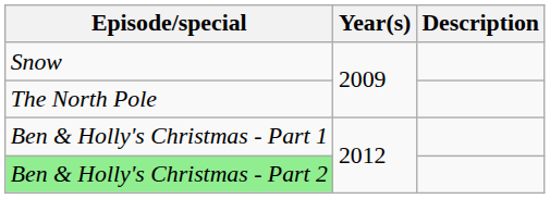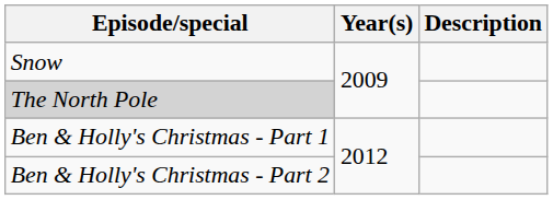 <table class="wikitable sortable">
 <tr>
 <th>Episode/special</th>
 <th>Year(s)</th>
 <th>Description</th>
 </tr>
 <tr>
 <td><em>Snow</em></td>
 <td rowspan="2">2009</td>
 <td></td>
 </tr>
 <tr>
-<td><em>The North Pole</em></td>
+<td style="background: lightgrey;"><em>The North Pole</em></td>
 <td></td>
 </tr>
 <tr>
 <td><em>Ben & Holly's Christmas - Part 1</em></td>
 <td rowspan="2">2012</td>
 <td></td>
 </tr>
 <tr>
-<td style="background: lightgreen;"><em>Ben & Holly's Christmas - Part 2</em></td>
+<td><em>Ben & Holly's Christmas - Part 2</em></td>
 <td></td>
 </tr>
 </table>
